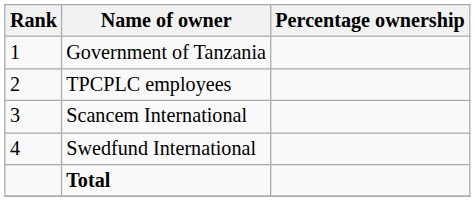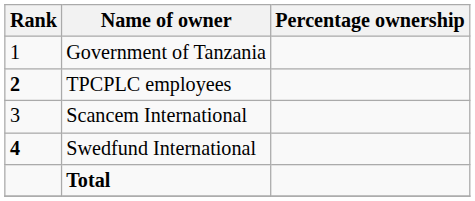 <table class="wikitable sortable" style="margin: 0.5em auto">
 <tr>
 <th>Rank</th>
 <th>Name of owner</th>
 <th>Percentage ownership</th>
 </tr>
 <tr>
 <td>1</td>
 <td>Government of Tanzania</td>
 <td></td>
 </tr>
 <tr>
-<td>2</td>
+<td><strong>2</strong></td>
 <td>TPCPLC employees</td>
 <td></td>
 </tr>
 <tr>
 <td>3</td>
 <td>Scancem International</td>
 <td></td>
 </tr>
 <tr>
-<td>4</td>
+<td><strong>4</strong></td>
 <td>Swedfund International</td>
 <td></td>
 </tr>
 <tr>
 <td></td>
 <td><strong>Total</strong></td>
 <td></td>
 </tr>
 <tr>
 </tr>
 </table>
